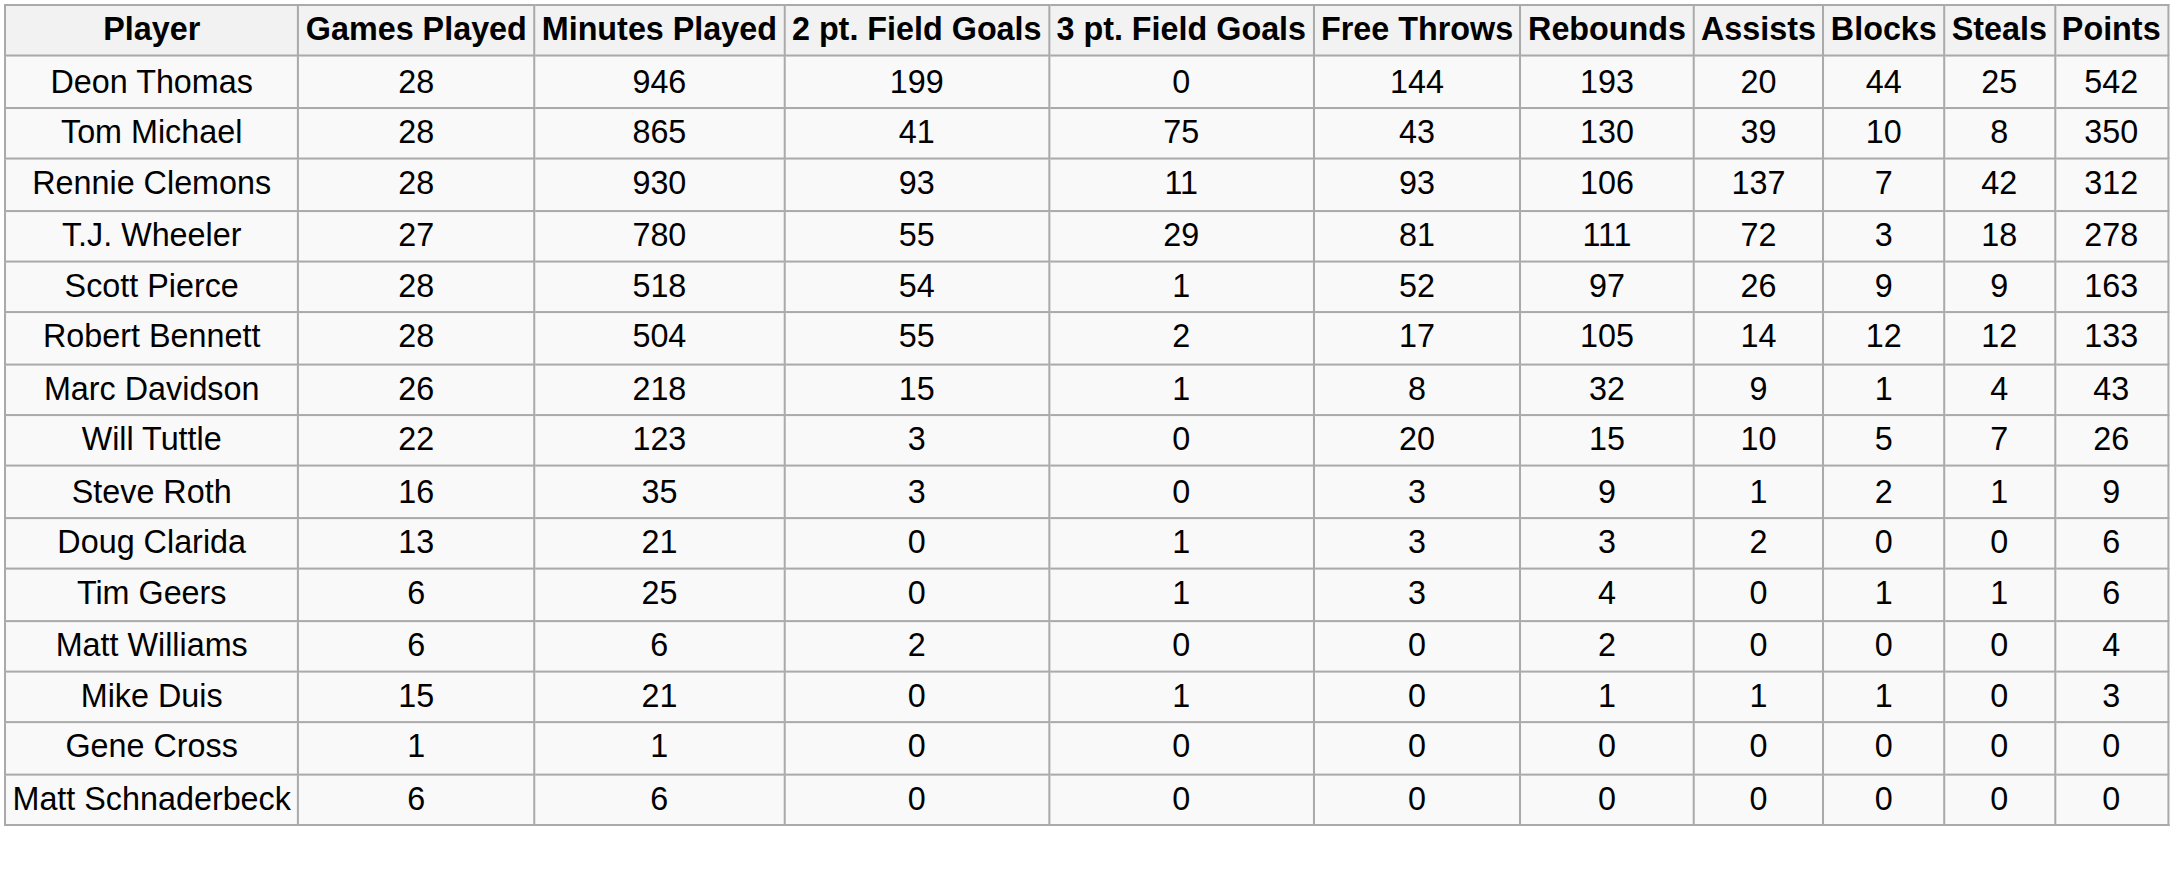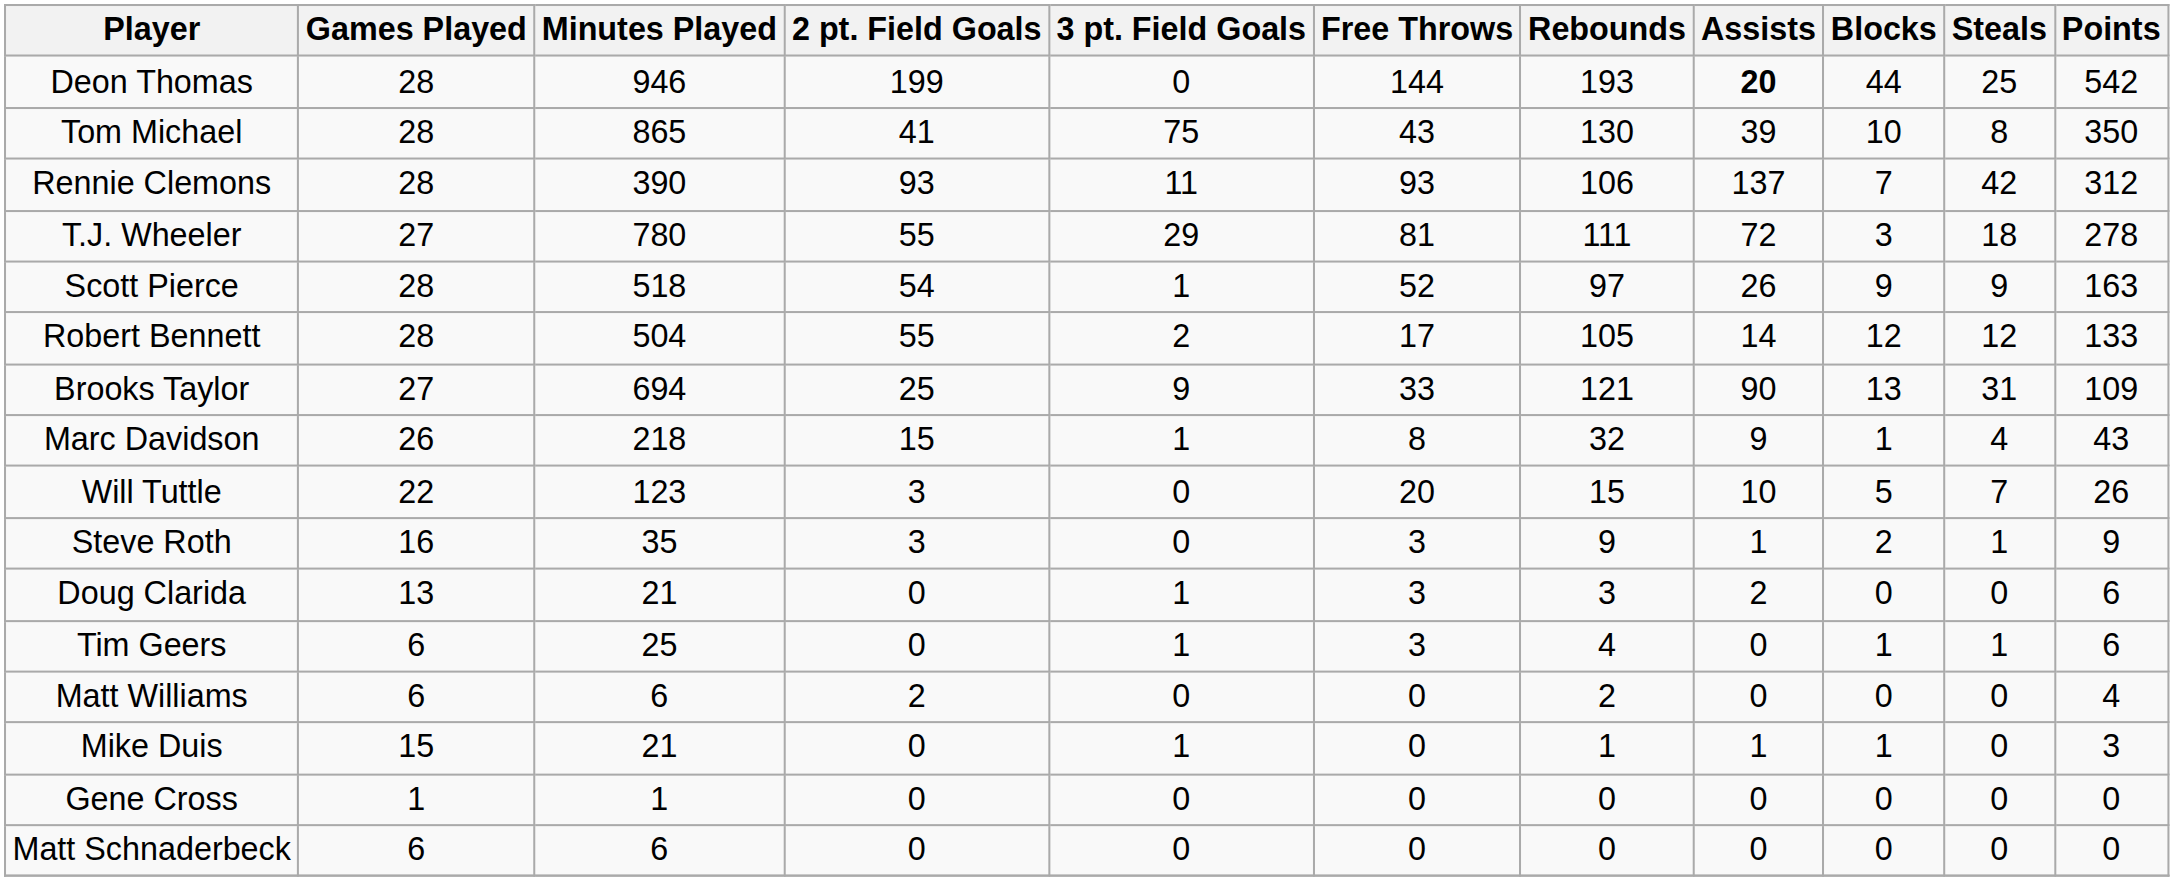 <table class="wikitable sortable" style="text-align:center">
 <tr>
 <th>Player</th>
 <th>Games Played</th>
 <th>Minutes Played</th>
 <th>2 pt. Field Goals</th>
 <th>3 pt. Field Goals</th>
 <th>Free Throws</th>
 <th>Rebounds</th>
 <th>Assists</th>
 <th>Blocks</th>
 <th>Steals</th>
 <th>Points</th>
 </tr>
 <tr align="center" bgcolor="">
 <td>Deon Thomas</td>
 <td>28</td>
 <td>946</td>
 <td>199</td>
 <td>0</td>
 <td>144</td>
 <td>193</td>
-<td>20</td>
+<td><strong>20</strong></td>
 <td>44</td>
 <td>25</td>
 <td>542</td>
 </tr>
 <tr align="center" bgcolor="">
 <td>Tom Michael</td>
 <td>28</td>
 <td>865</td>
 <td>41</td>
 <td>75</td>
 <td>43</td>
 <td>130</td>
 <td>39</td>
 <td>10</td>
 <td>8</td>
 <td>350</td>
 </tr>
 <tr align="center" bgcolor="">
 <td>Rennie Clemons</td>
 <td>28</td>
-<td>930</td>
+<td>390</td>
 <td>93</td>
 <td>11</td>
 <td>93</td>
 <td>106</td>
 <td>137</td>
 <td>7</td>
 <td>42</td>
 <td>312</td>
 </tr>
 <tr align="center" bgcolor="">
 <td>T.J. Wheeler</td>
 <td>27</td>
 <td>780</td>
 <td>55</td>
 <td>29</td>
 <td>81</td>
 <td>111</td>
 <td>72</td>
 <td>3</td>
 <td>18</td>
 <td>278</td>
 </tr>
 <tr align="center" bgcolor="">
 <td>Scott Pierce</td>
 <td>28</td>
 <td>518</td>
 <td>54</td>
 <td>1</td>
 <td>52</td>
 <td>97</td>
 <td>26</td>
 <td>9</td>
 <td>9</td>
 <td>163</td>
 </tr>
 <tr align="center" bgcolor="">
 <td>Robert Bennett</td>
 <td>28</td>
 <td>504</td>
 <td>55</td>
 <td>2</td>
 <td>17</td>
 <td>105</td>
 <td>14</td>
 <td>12</td>
 <td>12</td>
 <td>133</td>
+</tr>
+<tr align="center" bgcolor="">
+<td>Brooks Taylor</td>
+<td>27</td>
+<td>694</td>
+<td>25</td>
+<td>9</td>
+<td>33</td>
+<td>121</td>
+<td>90</td>
+<td>13</td>
+<td>31</td>
+<td>109</td>
 </tr>
 <tr align="center" bgcolor="">
 <td>Marc Davidson</td>
 <td>26</td>
 <td>218</td>
 <td>15</td>
 <td>1</td>
 <td>8</td>
 <td>32</td>
 <td>9</td>
 <td>1</td>
 <td>4</td>
 <td>43</td>
 </tr>
 <tr align="center" bgcolor="">
 <td>Will Tuttle</td>
 <td>22</td>
 <td>123</td>
 <td>3</td>
 <td>0</td>
 <td>20</td>
 <td>15</td>
 <td>10</td>
 <td>5</td>
 <td>7</td>
 <td>26</td>
 </tr>
 <tr align="center" bgcolor="">
 <td>Steve Roth</td>
 <td>16</td>
 <td>35</td>
 <td>3</td>
 <td>0</td>
 <td>3</td>
 <td>9</td>
 <td>1</td>
 <td>2</td>
 <td>1</td>
 <td>9</td>
 </tr>
 <tr align="center" bgcolor="">
 <td>Doug Clarida</td>
 <td>13</td>
 <td>21</td>
 <td>0</td>
 <td>1</td>
 <td>3</td>
 <td>3</td>
 <td>2</td>
 <td>0</td>
 <td>0</td>
 <td>6</td>
 </tr>
 <tr align="center" bgcolor="">
 <td>Tim Geers</td>
 <td>6</td>
 <td>25</td>
 <td>0</td>
 <td>1</td>
 <td>3</td>
 <td>4</td>
 <td>0</td>
 <td>1</td>
 <td>1</td>
 <td>6</td>
 </tr>
 <tr align="center" bgcolor="">
 <td>Matt Williams</td>
 <td>6</td>
 <td>6</td>
 <td>2</td>
 <td>0</td>
 <td>0</td>
 <td>2</td>
 <td>0</td>
 <td>0</td>
 <td>0</td>
 <td>4</td>
 </tr>
 <tr align="center" bgcolor="">
 <td>Mike Duis</td>
 <td>15</td>
 <td>21</td>
 <td>0</td>
 <td>1</td>
 <td>0</td>
 <td>1</td>
 <td>1</td>
 <td>1</td>
 <td>0</td>
 <td>3</td>
 </tr>
 <tr align="center" bgcolor="">
 <td>Gene Cross</td>
 <td>1</td>
 <td>1</td>
 <td>0</td>
 <td>0</td>
 <td>0</td>
 <td>0</td>
 <td>0</td>
 <td>0</td>
 <td>0</td>
 <td>0</td>
 </tr>
 <tr align="center" bgcolor="">
 <td>Matt Schnaderbeck</td>
 <td>6</td>
 <td>6</td>
 <td>0</td>
 <td>0</td>
 <td>0</td>
 <td>0</td>
 <td>0</td>
 <td>0</td>
 <td>0</td>
 <td>0</td>
 </tr>
 <tr align="center" bgcolor="">
 </tr>
 </table>
